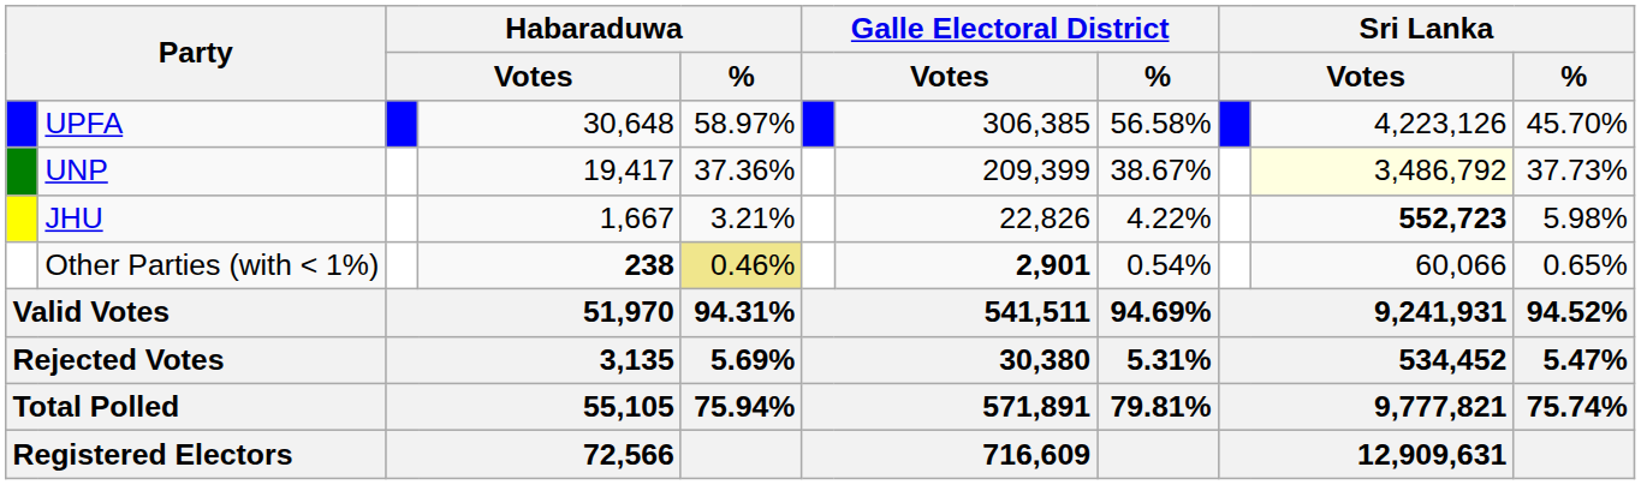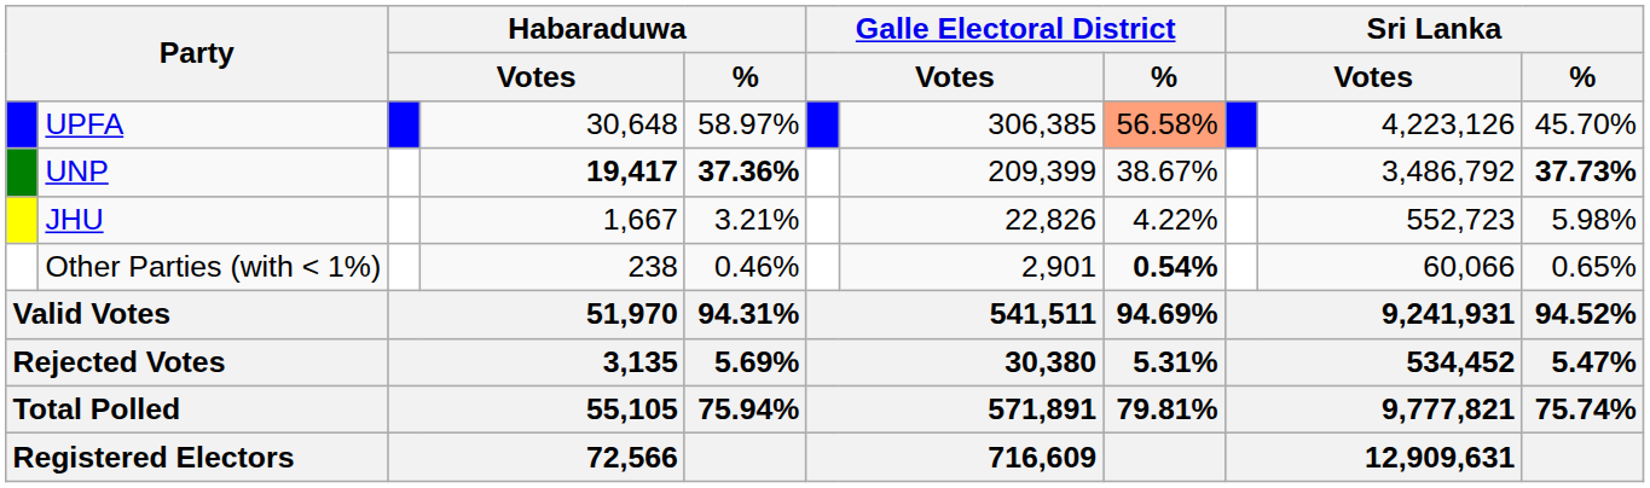 <table class="wikitable">
 <tr>
 <th colspan="2" width="144px"rowspan="2">Party</th>
 <th colspan="3" width="216px">Habaraduwa</th>
 <th colspan="3" width="216px"><a href='#'>Galle Electoral District</a></th>
 <th colspan="3" width="216px">Sri Lanka</th>
 </tr>
 <tr>
 <th colspan="2" width="144px">Votes</th>
 <th>%</th>
 <th colspan="2" width="144px">Votes</th>
 <th>%</th>
 <th colspan="2" width="144px">Votes</th>
 <th>%</th>
 </tr>
 <tr>
 <td style="background-color:blue;" width="10px"></td>
 <td style="text-align:left;"><a href='#'>UPFA</a></td>
 <td style="background-color:blue;" width="10px"></td>
 <td style="text-align:right;">30,648</td>
 <td style="text-align:right;">58.97%</td>
 <td style="background-color:blue;" width="10px"></td>
 <td style="text-align:right;">306,385</td>
-<td style="text-align:right;">56.58%</td>
+<td style="background: lightsalmon; text-align:right;">56.58%</td>
 <td style="background-color:blue;" width="10px"></td>
 <td style="text-align:right;">4,223,126</td>
 <td style="text-align:right;">45.70%</td>
 </tr>
 <tr>
 <td style="background-color:green;" width="10px"></td>
 <td style="text-align:left;"><a href='#'>UNP</a></td>
 <td style="background-color:white;" width="10px"></td>
-<td style="text-align:right;">19,417</td>
-<td style="text-align:right;">37.36%</td>
+<td style="text-align:right;"><strong>19,417</strong></td>
+<td style="text-align:right;"><strong>37.36%</strong></td>
 <td style="background-color:white;" width="10px"></td>
 <td style="text-align:right;">209,399</td>
 <td style="text-align:right;">38.67%</td>
 <td style="background-color:white;" width="10px"></td>
-<td style="background: lightyellow; text-align:right;">3,486,792</td>
-<td style="text-align:right;">37.73%</td>
+<td style="text-align:right;">3,486,792</td>
+<td style="text-align:right;"><strong>37.73%</strong></td>
 </tr>
 <tr>
 <td style="background-color:yellow;" width="10px"></td>
 <td style="text-align:left;"><a href='#'>JHU</a></td>
 <td style="background-color:white;" width="10px"></td>
 <td style="text-align:right;">1,667</td>
 <td style="text-align:right;">3.21%</td>
 <td style="background-color:white;" width="10px"></td>
 <td style="text-align:right;">22,826</td>
 <td style="text-align:right;">4.22%</td>
 <td style="background-color:white;" width="10px"></td>
-<td style="text-align:right;"><strong>552,723</strong></td>
+<td style="text-align:right;">552,723</td>
 <td style="text-align:right;">5.98%</td>
 </tr>
 <tr>
 <td style="background-color:white;" width="10px"></td>
 <td style="text-align:left;">Other Parties (with < 1%)</td>
 <td style="background-color:white;" width="10px"></td>
-<td style="text-align:right;"><strong>238</strong></td>
-<td style="background: khaki; text-align:right;">0.46%</td>
+<td style="text-align:right;">238</td>
+<td style="text-align:right;">0.46%</td>
 <td style="background-color:white;" width="10px"></td>
-<td style="text-align:right;"><strong>2,901</strong></td>
-<td style="text-align:right;">0.54%</td>
+<td style="text-align:right;">2,901</td>
+<td style="text-align:right;"><strong>0.54%</strong></td>
 <td style="background-color:white;" width="10px"></td>
 <td style="text-align:right;">60,066</td>
 <td style="text-align:right;">0.65%</td>
 </tr>
 <tr>
 <th colspan="2" width="144px"style="text-align:left;">Valid Votes</th>
 <th style="text-align:right;"colspan="2" width="144px">51,970</th>
 <th style="text-align:right;">94.31%</th>
 <th style="text-align:right;"colspan="2" width="144px">541,511</th>
 <th style="text-align:right;">94.69%</th>
 <th style="text-align:right;"colspan="2" width="144px">9,241,931</th>
 <th style="text-align:right;">94.52%</th>
 </tr>
 <tr>
 <th colspan="2" width="144px"style="text-align:left;">Rejected Votes</th>
 <th style="text-align:right;"colspan="2" width="144px">3,135</th>
 <th style="text-align:right;">5.69%</th>
 <th style="text-align:right;"colspan="2" width="144px">30,380</th>
 <th style="text-align:right;">5.31%</th>
 <th style="text-align:right;"colspan="2" width="144px">534,452</th>
 <th style="text-align:right;">5.47%</th>
 </tr>
 <tr>
 <th colspan="2" width="144px"style="text-align:left;">Total Polled</th>
 <th style="text-align:right;"colspan="2" width="144px">55,105</th>
 <th style="text-align:right;">75.94%</th>
 <th style="text-align:right;"colspan="2" width="144px">571,891</th>
 <th style="text-align:right;">79.81%</th>
 <th style="text-align:right;"colspan="2" width="144px">9,777,821</th>
 <th style="text-align:right;">75.74%</th>
 </tr>
 <tr>
 <th colspan="2" width="144px"style="text-align:left;">Registered Electors</th>
 <th style="text-align:right;"colspan="2" width="144px">72,566</th>
 <th></th>
 <th style="text-align:right;"colspan="2" width="144px">716,609</th>
 <th></th>
 <th style="text-align:right;"colspan="2" width="144px">12,909,631</th>
 <th></th>
 </tr>
 </table>
